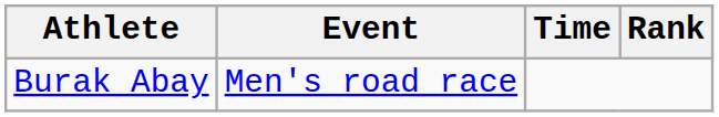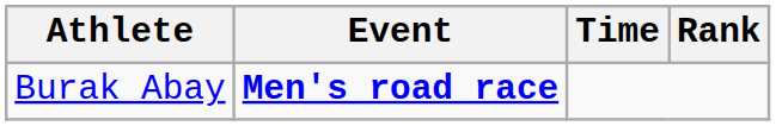 <table class=wikitable style=font-size:95%;text-align:center>
 <tr>
 <th>Athlete</th>
 <th>Event</th>
 <th>Time</th>
 <th>Rank</th>
 </tr>
 <tr align=center>
 <td align=left><a href='#'>Burak Abay</a></td>
-<td align=left><a href='#'>Men's road race</a></td>
+<td align=left><strong><a href='#'>Men's road race</a></strong></td>
 <td Colspan=2></td>
 </tr>
 </table>
